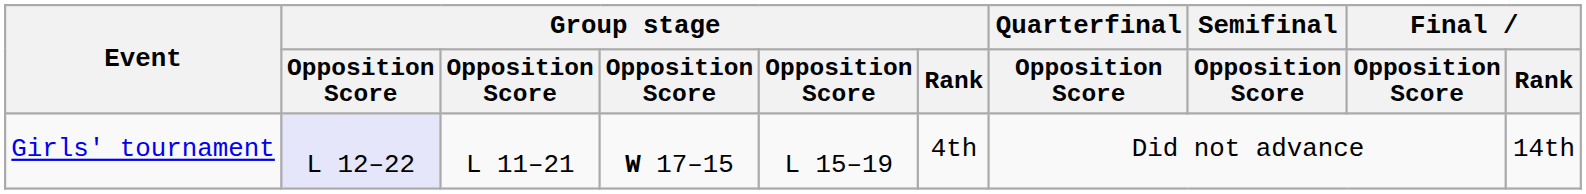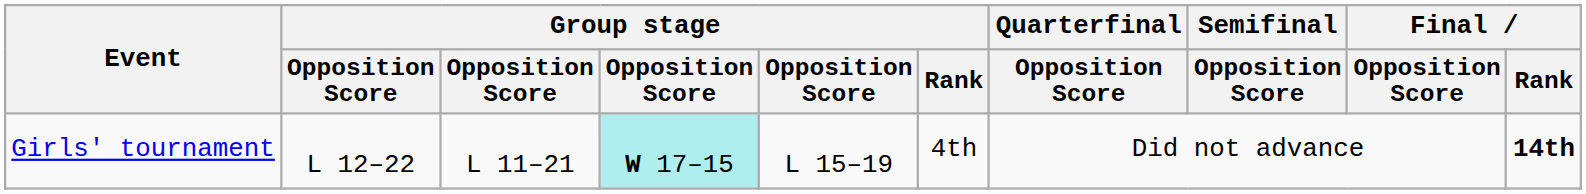 <table class="wikitable" style="font-size:90%">
 <tr>
 <th rowspan=2>Event</th>
 <th colspan=5>Group stage</th>
 <th>Quarterfinal</th>
 <th>Semifinal</th>
 <th colspan=2>Final / </th>
 </tr>
 <tr style="font-size:95%">
 <th>Opposition<br>Score</th>
 <th>Opposition<br>Score</th>
 <th>Opposition<br>Score</th>
 <th>Opposition<br>Score</th>
 <th>Rank</th>
 <th>Opposition<br>Score</th>
 <th>Opposition<br>Score</th>
 <th>Opposition<br>Score</th>
 <th>Rank</th>
 </tr>
 <tr align=center>
 <td align=left><a href='#'>Girls' tournament</a></td>
-<td style="background: lavender;"><br>L 12–22</td>
+<td><br>L 12–22</td>
 <td><br>L 11–21</td>
-<td><br><strong>W</strong> 17–15</td>
+<td style="background: paleturquoise;"><br><strong>W</strong> 17–15</td>
 <td><br>L 15–19</td>
 <td>4th</td>
 <td colspan=3>Did not advance</td>
-<td>14th</td>
+<td><strong>14th</strong></td>
 </tr>
 </table>
